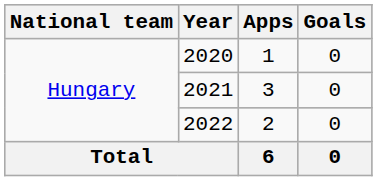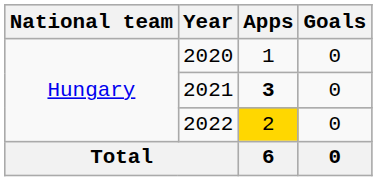 <table class="wikitable" style="text-align:center">
 <tr>
 <th>National team</th>
 <th>Year</th>
 <th>Apps</th>
 <th>Goals</th>
 </tr>
 <tr>
 <td rowspan="3"><a href='#'>Hungary</a></td>
 <td>2020</td>
 <td>1</td>
 <td>0</td>
 </tr>
 <tr>
 <td>2021</td>
-<td>3</td>
+<td><strong>3</strong></td>
 <td>0</td>
 </tr>
 <tr>
 <td>2022</td>
-<td>2</td>
+<td style="background: gold;">2</td>
 <td>0</td>
 </tr>
 <tr>
 <th colspan="2">Total</th>
 <th>6</th>
 <th>0</th>
 </tr>
 </table>
